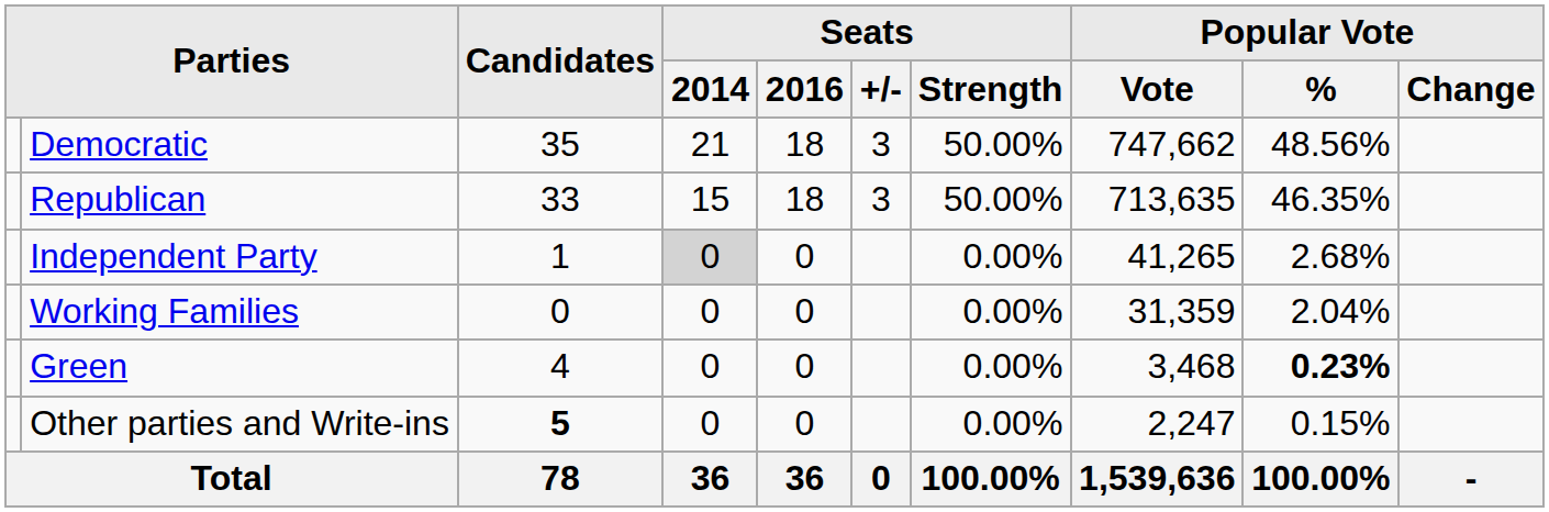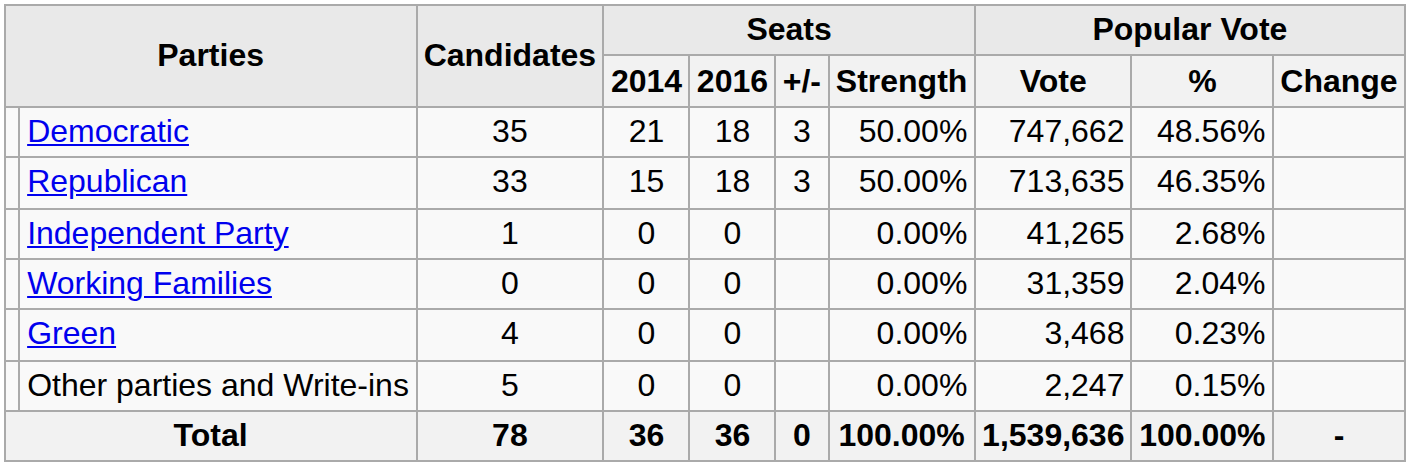 <table class=wikitable>
 <tr>
 <th style="background-color:#E9E9E9" align=center rowspan= 2 colspan=2>Parties</th>
 <th style="background-color:#E9E9E9" align=center rowspan= 2>Candidates</th>
 <th style="background-color:#E9E9E9" align=center colspan=4>Seats</th>
 <th style="background-color:#E9E9E9" align=center colspan=3>Popular Vote</th>
 </tr>
 <tr>
 <th align=center>2014</th>
 <th align=center>2016</th>
 <th align=center>+/-</th>
 <th align=center>Strength</th>
 <th align=center>Vote</th>
 <th align=center>%</th>
 <th align=center>Change</th>
 </tr>
 <tr>
 <td></td>
 <td align=left><a href='#'>Democratic</a></td>
 <td align=center>35</td>
 <td align=center >21</td>
 <td align=center >18</td>
 <td align=center> 3</td>
 <td align=right >50.00%</td>
 <td align=right >747,662</td>
 <td align=right >48.56%</td>
 <td align=right></td>
 </tr>
 <tr>
 <td></td>
 <td align=left><a href='#'>Republican</a></td>
 <td align=center>33</td>
 <td align=center>15</td>
 <td align=center >18</td>
 <td align=center> 3</td>
 <td align=right >50.00%</td>
 <td align=right>713,635</td>
 <td align=right>46.35%</td>
 <td align=right></td>
 </tr>
 <tr>
 <td></td>
 <td><a href='#'>Independent Party</a></td>
 <td align=center>1</td>
-<td align=center style="background: lightgrey;">0</td>
+<td align=center>0</td>
 <td align=center>0</td>
 <td align=center><br></td>
 <td align=right>0.00%</td>
 <td align=right>41,265</td>
 <td align=right>2.68%</td>
 <td align=right></td>
 </tr>
 <tr>
 <td></td>
 <td align=left><a href='#'>Working Families</a></td>
 <td align=center>0</td>
 <td align=center>0</td>
 <td align=center>0</td>
 <td align=center><br></td>
 <td align=right>0.00%</td>
 <td align=right>31,359</td>
 <td align=right>2.04%</td>
 <td align=right></td>
 </tr>
 <tr>
 <td></td>
 <td align=left><a href='#'>Green</a></td>
 <td align=center>4</td>
 <td align=center>0</td>
 <td align=center>0</td>
 <td align=center><br></td>
 <td align=right>0.00%</td>
 <td align=right>3,468</td>
-<td align=right><strong>0.23%</strong></td>
+<td align=right>0.23%</td>
 <td align=right></td>
 </tr>
 <tr>
 <td></td>
 <td align=left>Other parties and Write-ins</td>
-<td align=center><strong>5</strong></td>
+<td align=center>5</td>
 <td align=center>0</td>
 <td align=center>0</td>
 <td align=center><br></td>
 <td align=right>0.00%</td>
 <td align=right>2,247</td>
 <td align=right>0.15%</td>
 <td align=right></td>
 </tr>
 <tr>
 <th align=center colspan="2">Total</th>
 <th align=center>78</th>
 <th align=center>36</th>
 <th align=center>36</th>
 <th align=center>0</th>
 <th align=center>100.00%</th>
 <th align=center>1,539,636</th>
 <th align=center>100.00%</th>
 <th align=center>-</th>
 </tr>
 </table>
